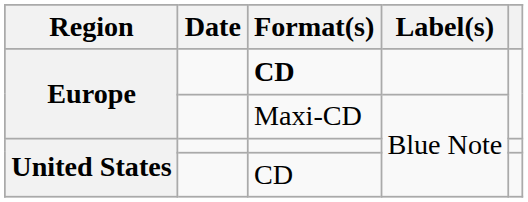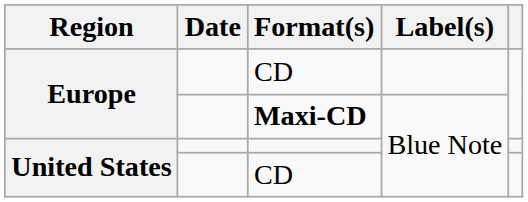 <table class="wikitable plainrowheaders">
 <tr>
 <th scope="col">Region</th>
 <th scope="col">Date</th>
 <th scope="col">Format(s)</th>
 <th scope="col">Label(s)</th>
 <th scope="col"></th>
 </tr>
 <tr>
 <th scope="row" rowspan="2">Europe</th>
 <td></td>
-<td><strong>CD</strong></td>
+<td>CD</td>
 <td></td>
 <td rowspan="2"></td>
 </tr>
 <tr>
 <td></td>
-<td>Maxi-CD</td>
+<td><strong>Maxi-CD</strong></td>
 <td rowspan="3">Blue Note</td>
 </tr>
 <tr>
 <th scope="row" rowspan="2">United States</th>
 <td></td>
 <td></td>
 <td></td>
 </tr>
 <tr>
 <td></td>
 <td>CD</td>
 <td></td>
 </tr>
 </table>
